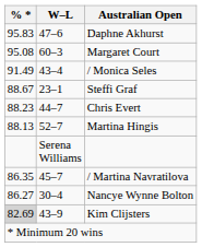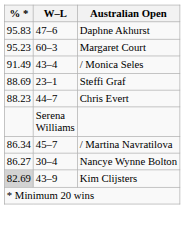 <table class="wikitable nowrap" style="display:inline-table;">
 <tr>
 <th>% *</th>
 <th width=50>W–L</th>
 <th>Australian Open</th>
 </tr>
 <tr>
 <td>95.83</td>
 <td>47–6</td>
 <td> Daphne Akhurst</td>
 </tr>
 <tr>
-<td>95.08</td>
+<td>95.23</td>
 <td>60–3</td>
 <td> Margaret Court</td>
 </tr>
 <tr>
 <td>91.49</td>
 <td>43–4</td>
 <td>/ Monica Seles</td>
 </tr>
 <tr>
-<td>88.67</td>
+<td>88.69</td>
 <td>23–1</td>
 <td> Steffi Graf</td>
 </tr>
 <tr>
 <td>88.23</td>
 <td>44–7</td>
 <td> Chris Evert</td>
 </tr>
 <tr>
-<td>88.13</td>
-<td>52–7</td>
-<td> Martina Hingis</td>
-</tr>
-<tr>
 <td></td>
 <td> Serena Williams</td>
 </tr>
 <tr>
-<td>86.35</td>
+<td>86.34</td>
 <td>45–7</td>
 <td>/ Martina Navratilova</td>
 </tr>
 <tr>
 <td>86.27</td>
 <td>30–4</td>
 <td> Nancye Wynne Bolton</td>
 </tr>
 <tr>
 <td style="background: lightgrey;">82.69</td>
 <td>43–9</td>
 <td> Kim Clijsters</td>
 </tr>
 <tr>
 <td colspan="3">* Minimum 20 wins</td>
 </tr>
 </table>
